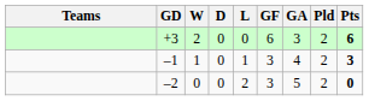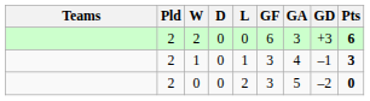 <table class="wikitable" style="text-align: center;">
 <tr>
 <th width=165>Teams</th>
-<th width=20>GD</th>
+<th width=20>Pld</th>
 <th width=20>W</th>
 <th width=20>D</th>
 <th width=20>L</th>
 <th width=20>GF</th>
 <th width=20>GA</th>
-<th width=20>Pld</th>
+<th width=20>GD</th>
 <th width=20>Pts</th>
 </tr>
 <tr align=center style="background:#ccffcc;">
 <td style="text-align:left;"></td>
-<td>+3</td>
+<td>2</td>
 <td>2</td>
 <td>0</td>
 <td>0</td>
 <td>6</td>
 <td>3</td>
-<td>2</td>
+<td>+3</td>
 <td><strong>6</strong></td>
 </tr>
 <tr align=center>
 <td style="text-align:left;"></td>
-<td>–1</td>
+<td>2</td>
 <td>1</td>
 <td>0</td>
 <td>1</td>
 <td>3</td>
 <td>4</td>
-<td>2</td>
+<td>–1</td>
 <td><strong>3</strong></td>
 </tr>
 <tr align=center>
 <td style="text-align:left;"></td>
-<td>–2</td>
+<td>2</td>
 <td>0</td>
 <td>0</td>
 <td>2</td>
 <td>3</td>
 <td>5</td>
-<td>2</td>
+<td>–2</td>
 <td><strong>0</strong></td>
 </tr>
 </table>
